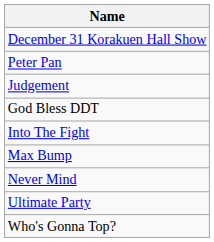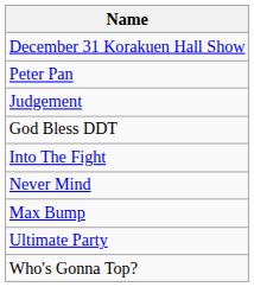 <table class="wikitable" style="font-size:85%;">
 <tr>
 <th>Name</th>
 </tr>
 <tr>
 <td><a href='#'>December 31 Korakuen Hall Show</a></td>
 </tr>
 <tr>
 <td><a href='#'>Peter Pan</a></td>
 </tr>
 <tr>
 <td><a href='#'>Judgement</a></td>
 </tr>
 <tr>
 <td>God Bless DDT</td>
 </tr>
 <tr>
 <td><a href='#'>Into The Fight</a></td>
 </tr>
 <tr>
-<td><a href='#'>Max Bump</a></td>
+<td><a href='#'>Never Mind</a></td>
 </tr>
 <tr>
-<td><a href='#'>Never Mind</a></td>
+<td><a href='#'>Max Bump</a></td>
 </tr>
 <tr>
 <td><a href='#'>Ultimate Party</a></td>
 </tr>
 <tr>
 <td>Who's Gonna Top?</td>
 </tr>
 <tr>
 </tr>
 </table>
